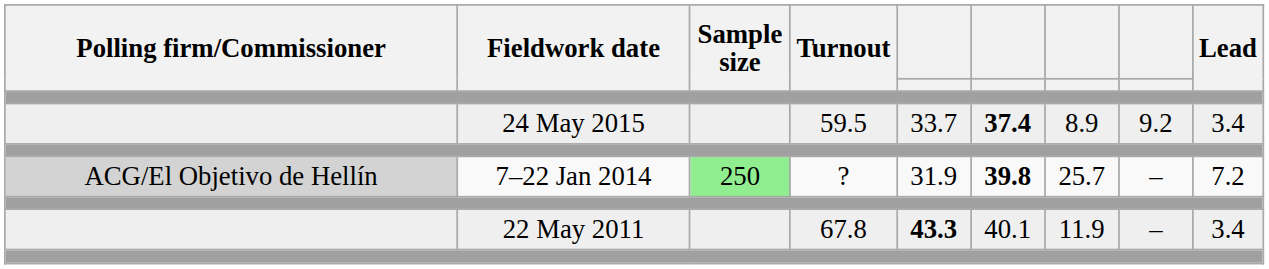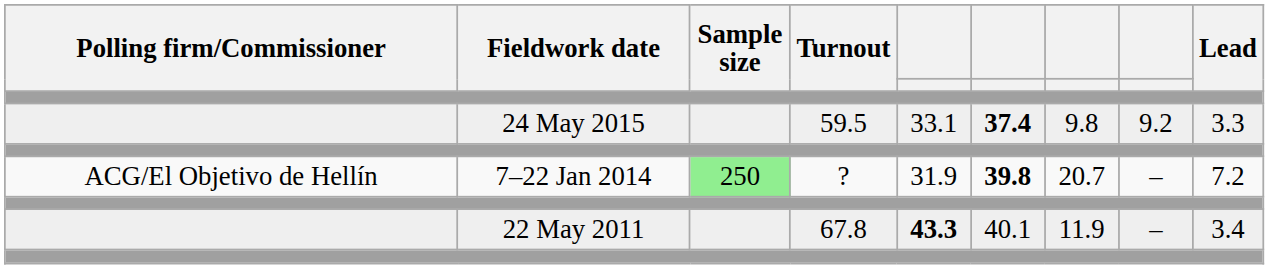 <table class="wikitable collapsible collapsed" style="text-align:center; font-size:95%; line-height:16px;">
 <tr style="height:42px;">
 <th style="width:250px;" rowspan="2">Polling firm/Commissioner</th>
 <th style="width:125px;" rowspan="2">Fieldwork date</th>
 <th style="width:50px;" rowspan="2">Sample size</th>
 <th style="width:45px;" rowspan="2">Turnout</th>
 <th style="width:35px;"></th>
 <th style="width:35px;"></th>
 <th style="width:35px;"></th>
 <th style="width:35px;"></th>
 <th style="width:30px;" rowspan="2">Lead</th>
 </tr>
 <tr>
 <th style="color:inherit;background:"></th>
 <th style="color:inherit;background:"></th>
 <th style="color:inherit;background:"></th>
 <th style="color:inherit;background:"></th>
 </tr>
 <tr>
 <td colspan="9" style="background:#A0A0A0"></td>
 </tr>
 <tr style="background:#EFEFEF;">
 <td><strong></strong></td>
 <td>24 May 2015</td>
 <td></td>
 <td>59.5</td>
-<td>33.7<br></td>
+<td>33.1<br></td>
 <td><strong>37.4</strong><br></td>
-<td>8.9<br></td>
+<td>9.8<br></td>
 <td>9.2<br></td>
-<td style="background:">3.4</td>
+<td style="background:">3.3</td>
 </tr>
 <tr>
 <td colspan="9" style="background:#A0A0A0"></td>
 </tr>
 <tr>
-<td style="background: lightgrey;">ACG/El Objetivo de Hellín</td>
+<td>ACG/El Objetivo de Hellín</td>
 <td>7–22 Jan 2014</td>
 <td style="background: lightgreen;">250</td>
 <td>?</td>
 <td>31.9</td>
 <td><strong>39.8</strong></td>
-<td>25.7</td>
+<td>20.7</td>
 <td>–</td>
 <td style="background:">7.2</td>
 </tr>
 <tr>
 <td colspan="9" style="background:#A0A0A0"></td>
 </tr>
 <tr style="background:#EFEFEF;">
 <td><strong></strong></td>
 <td>22 May 2011</td>
 <td></td>
 <td>67.8</td>
 <td><strong>43.3</strong><br></td>
 <td>40.1<br></td>
 <td>11.9<br></td>
 <td>–</td>
 <td style="background:">3.4</td>
 </tr>
 <tr>
 <td colspan="9" style="background:#A0A0A0"></td>
 </tr>
 </table>
